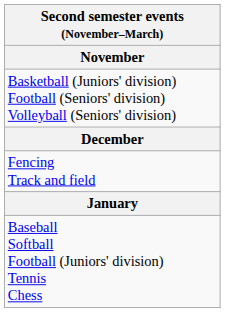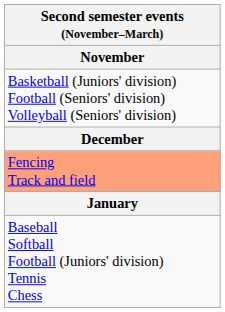 <table class="wikitable" style="text-align: left ; font-size:95%;">
 <tr>
 <th width="220px">Second semester events<br><small>(November–March)</small></th>
 </tr>
 <tr>
 <th>November</th>
 </tr>
 <tr>
 <td> <a href='#'>Basketball</a> (Juniors' division)<br> <a href='#'>Football</a> (Seniors' division)<br> <a href='#'>Volleyball</a> (Seniors' division)</td>
 </tr>
 <tr>
 <th>December</th>
 </tr>
 <tr>
-<td> <a href='#'>Fencing</a><br> <a href='#'>Track and field</a></td>
+<td style="background: lightsalmon;"> <a href='#'>Fencing</a><br> <a href='#'>Track and field</a></td>
 </tr>
 <tr>
 <th>January</th>
 </tr>
 <tr>
 <td> <a href='#'>Baseball</a><br> <a href='#'>Softball</a><br>  <a href='#'>Football</a> (Juniors' division)<br> <a href='#'>Tennis</a><br> <a href='#'>Chess</a></td>
 </tr>
 </table>
